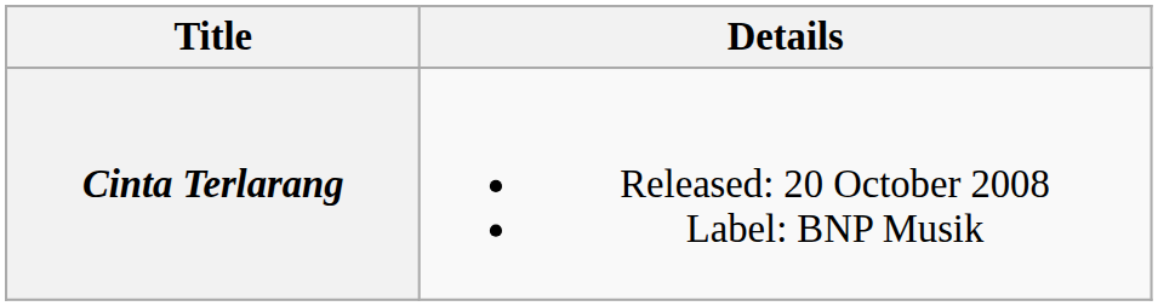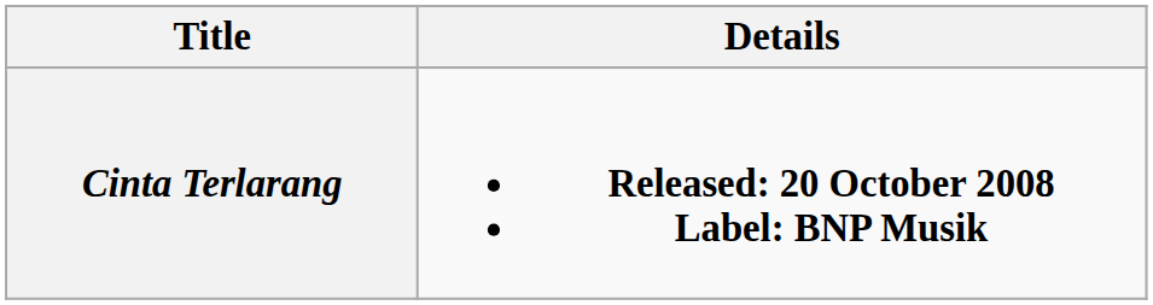 <table class="wikitable plainrowheaders" style="text-align:center;">
 <tr>
 <th scope="col" style="width:10em;">Title</th>
 <th scope="col" style="width:18em;">Details</th>
 </tr>
 <tr>
 <th scope="row"><em>Cinta Terlarang</em></th>
-<td><br><ul><li>Released: 20 October 2008</li><li>Label: BNP Musik</li></ul></td>
+<td><strong><br><ul><li>Released: 20 October 2008</li><li>Label: BNP Musik</li></ul></strong></td>
 </tr>
 </table>
